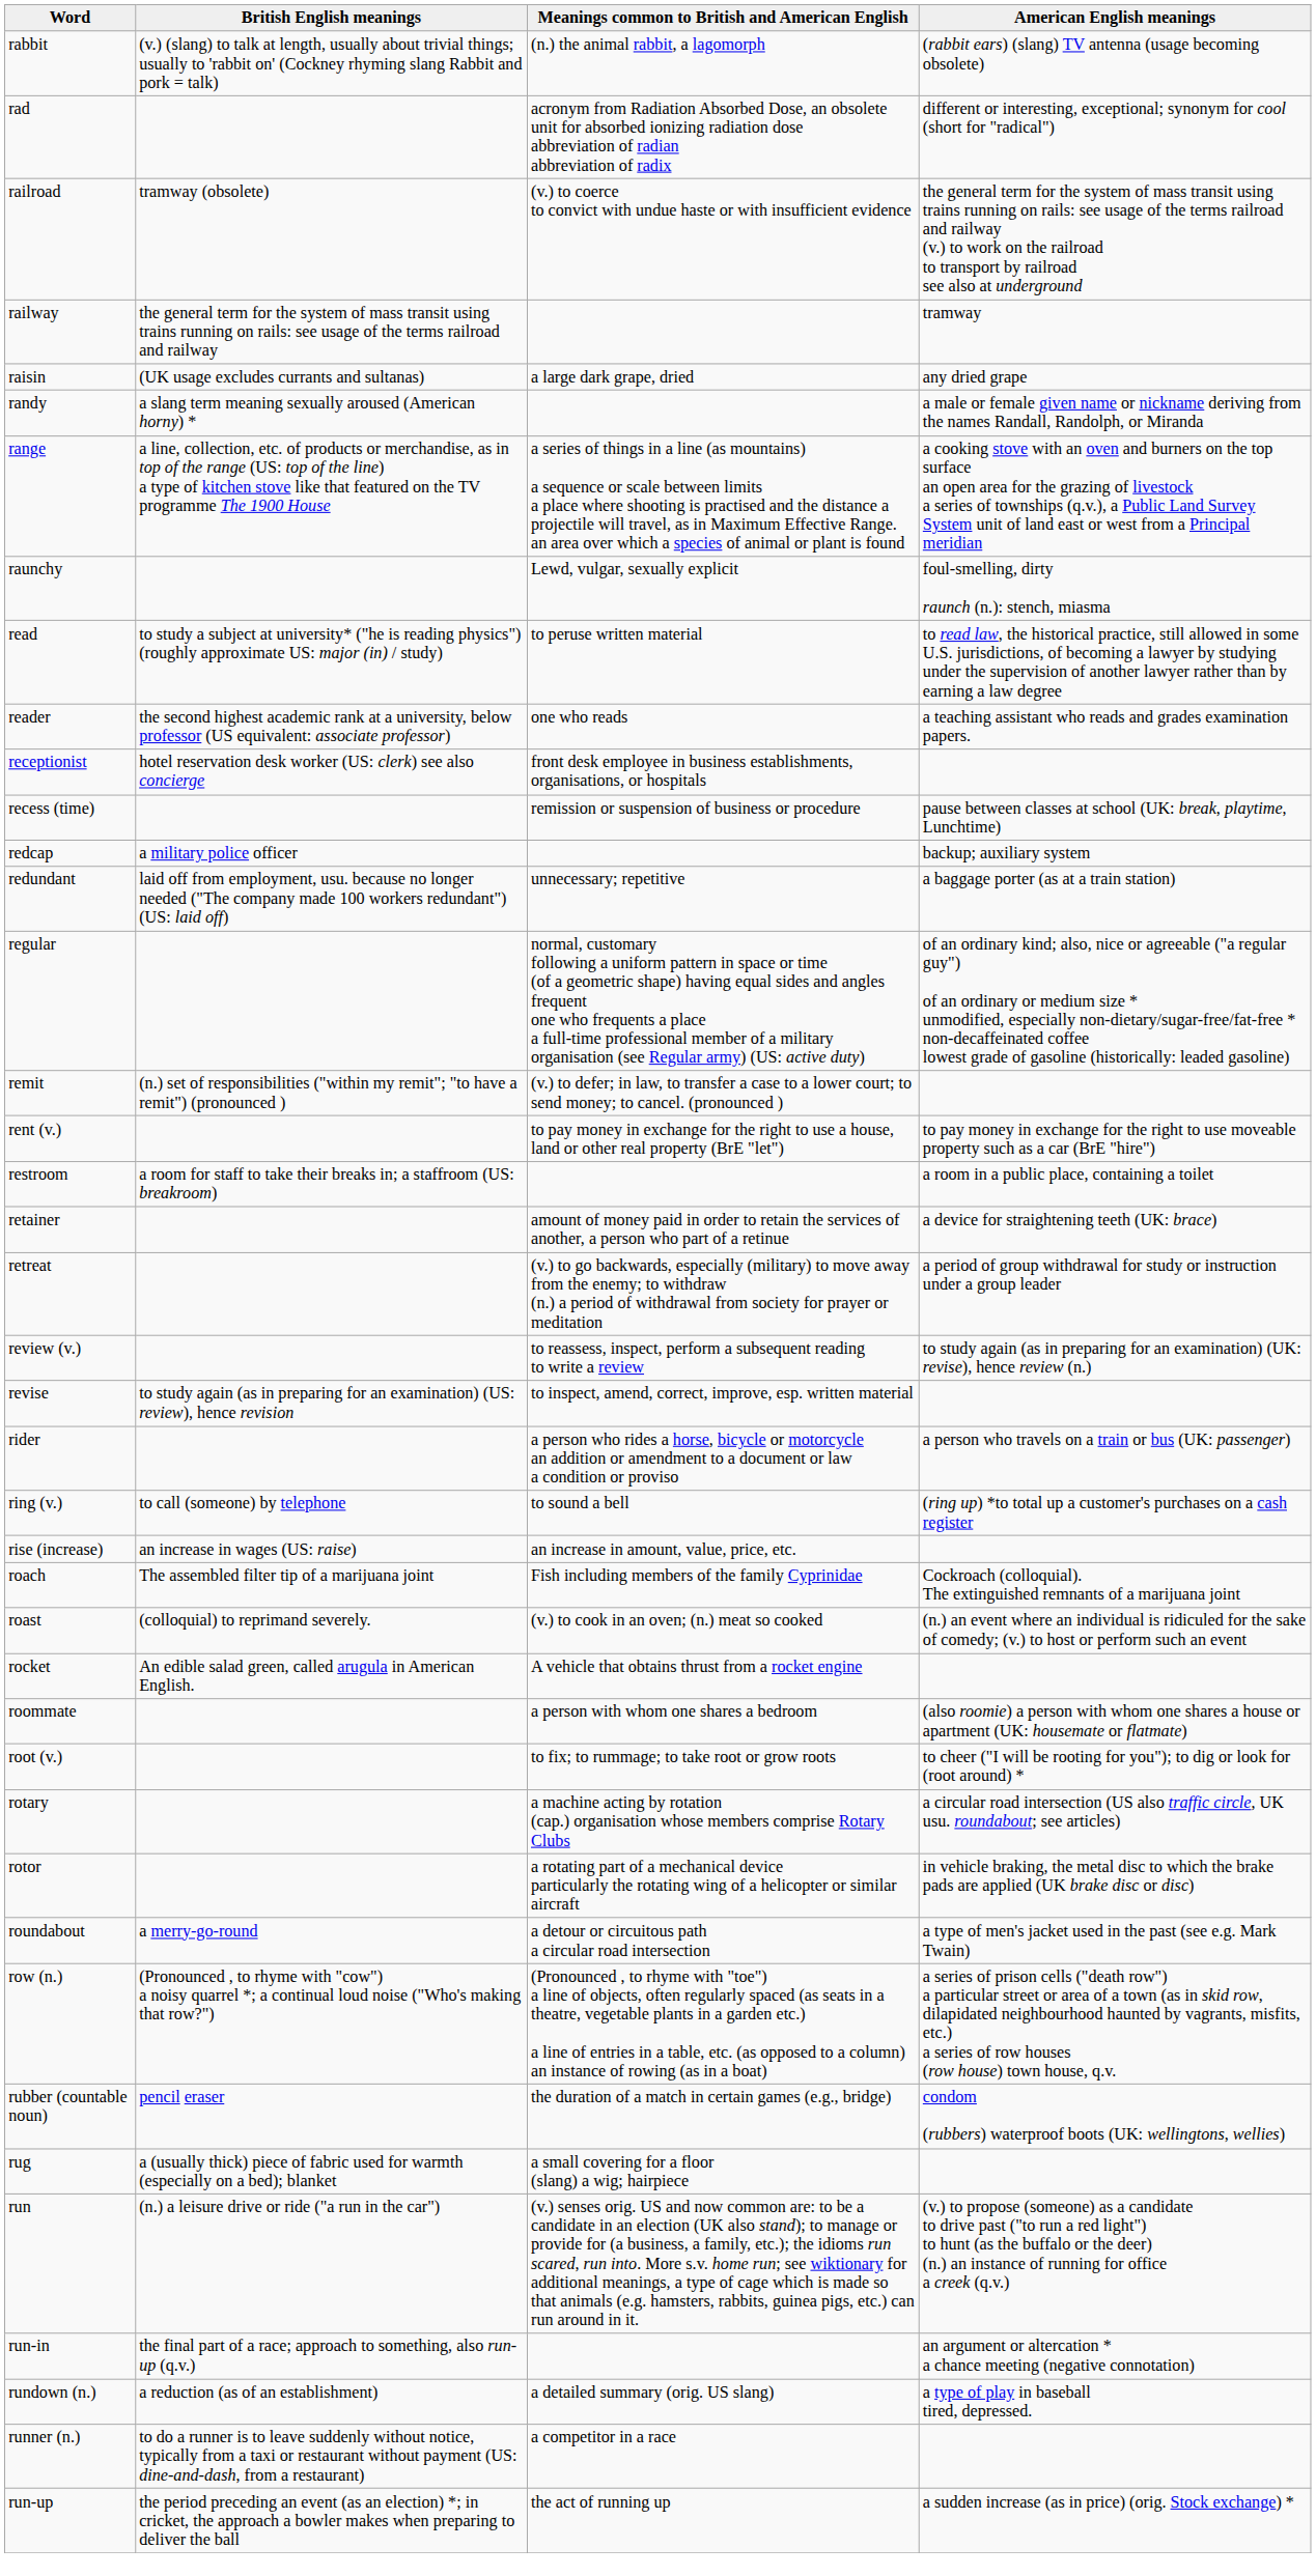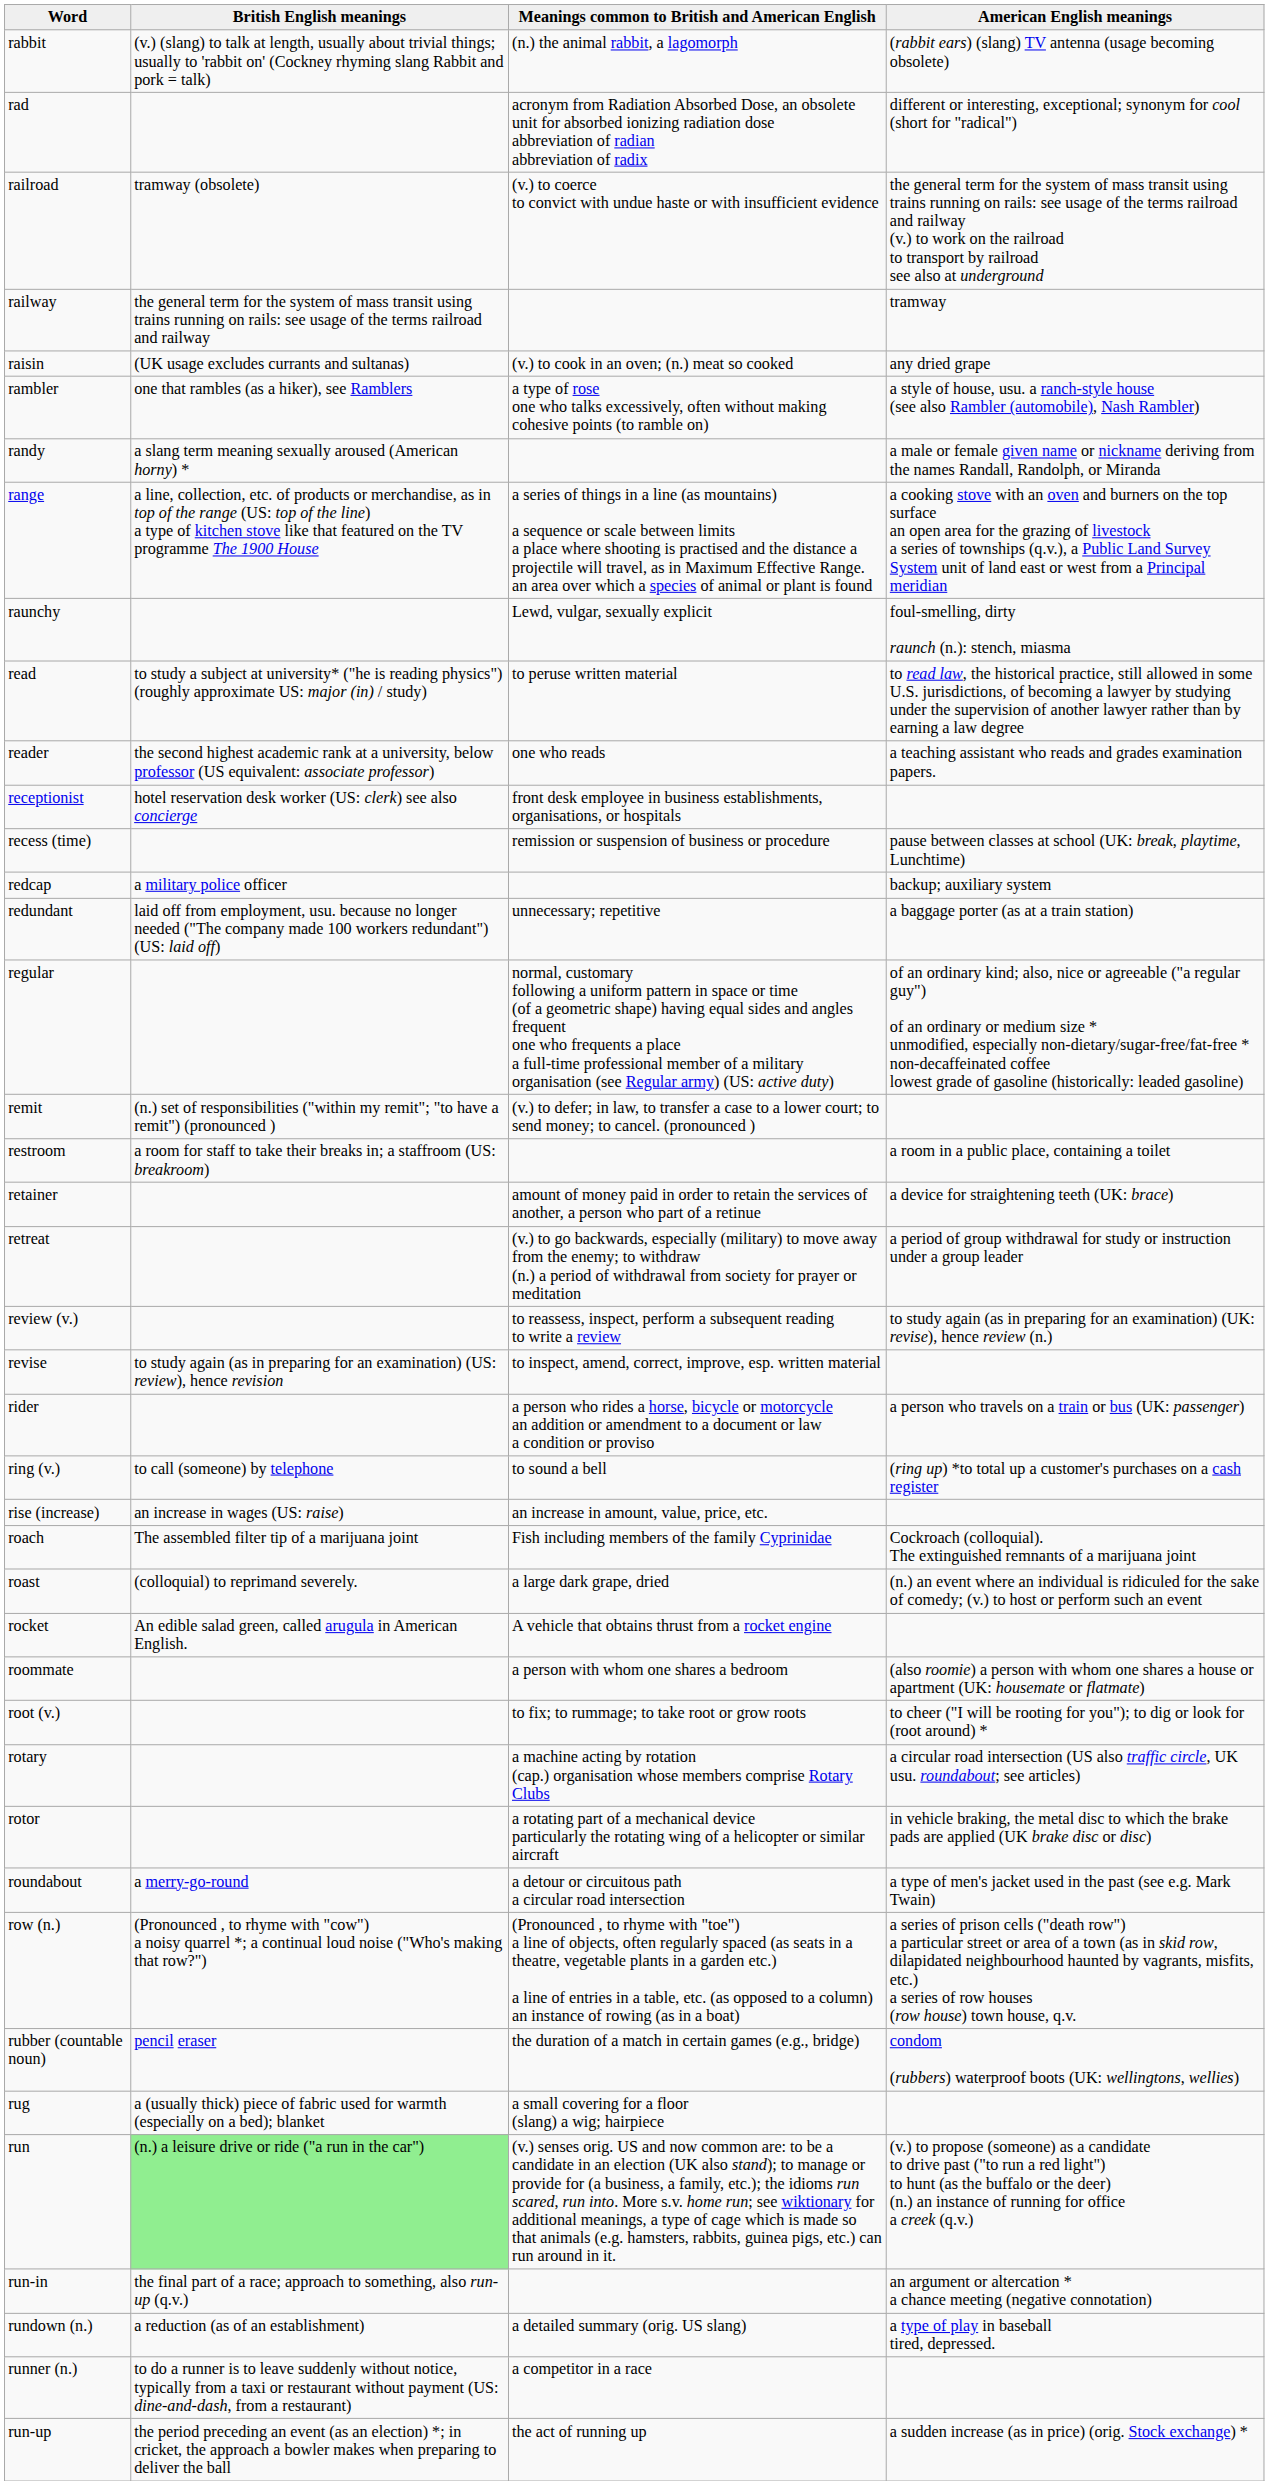 <table class="wikitable">
 <tr>
 <th style="width:10%; background:#efefef;">Word</th>
 <th style="width:30%; background:#efefef;">British English meanings</th>
 <th style="width:30%; background:#efefef;">Meanings common to British and American English</th>
 <th style="width:30%; background:#efefef;">American English meanings</th>
 </tr>
 <tr valign="top">
 <td>rabbit</td>
 <td>(v.) (slang) to talk at length, usually about trivial things; usually to 'rabbit on' (Cockney rhyming slang Rabbit and pork = talk)</td>
 <td>(n.) the animal <a href='#'>rabbit</a>, a <a href='#'>lagomorph</a></td>
 <td>(<em>rabbit ears</em>) (slang) <a href='#'>TV</a> antenna (usage becoming obsolete)</td>
 </tr>
 <tr valign="top">
 <td>rad</td>
 <td></td>
 <td>acronym from Radiation Absorbed Dose, an obsolete unit for absorbed ionizing radiation dose<br>abbreviation of <a href='#'>radian</a><br>abbreviation of <a href='#'>radix</a></td>
 <td>different or interesting, exceptional; synonym for <em>cool</em> (short for "radical")</td>
 </tr>
 <tr valign="top">
 <td>railroad</td>
 <td>tramway (obsolete)</td>
 <td>(v.) to coerce<br>to convict with undue haste or with insufficient evidence</td>
 <td>the general term for the system of mass transit using trains running on rails: see usage of the terms railroad and railway<br>(v.) to work on the railroad<br>to transport by railroad<br>see also at <em>underground</em></td>
 </tr>
 <tr valign="top">
 <td>railway</td>
 <td>the general term for the system of mass transit using trains running on rails: see usage of the terms railroad and railway</td>
 <td> </td>
 <td>tramway</td>
 </tr>
 <tr valign="top">
 <td>raisin</td>
 <td>(UK usage excludes currants and sultanas)</td>
-<td>a large dark grape, dried</td>
+<td>(v.) to cook in an oven; (n.) meat so cooked</td>
 <td>any dried grape</td>
+</tr>
+<tr valign="top">
+<td>rambler</td>
+<td>one that rambles (as a hiker), see <a href='#'>Ramblers</a></td>
+<td>a type of <a href='#'>rose</a><br>one who talks excessively, often without making cohesive points (to ramble on)</td>
+<td>a style of house, usu. a <a href='#'>ranch-style house</a><br>(see also <a href='#'>Rambler (automobile)</a>, <a href='#'>Nash Rambler</a>)</td>
 </tr>
 <tr valign="top">
 <td>randy</td>
 <td>a slang term meaning sexually aroused (American <em>horny</em>) *</td>
 <td> </td>
 <td>a male or female <a href='#'>given name</a> or <a href='#'>nickname</a> deriving from the names Randall, Randolph, or Miranda</td>
 </tr>
 <tr valign="top">
 <td><a href='#'>range</a></td>
 <td>a line, collection, etc. of products or merchandise, as in <em>top of the range</em> (US: <em>top of the line</em>)<br>a type of <a href='#'>kitchen stove</a> like that featured on the TV programme <em><a href='#'>The 1900 House</a></em></td>
 <td>a series of things in a line (as mountains)<br><br>a sequence or scale between limits<br>a place where shooting is practised and the distance a projectile will travel, as in Maximum Effective Range. <br>an area over which a <a href='#'>species</a> of animal or plant is found</td>
 <td>a cooking <a href='#'>stove</a> with an <a href='#'>oven</a> and burners on the top surface<br>an open area for the grazing of <a href='#'>livestock</a><br>a series of townships (q.v.), a <a href='#'>Public Land Survey System</a> unit of land east or west from a <a href='#'>Principal meridian</a></td>
 </tr>
 <tr valign="top">
 <td>raunchy</td>
 <td> </td>
 <td>Lewd, vulgar, sexually explicit</td>
 <td>foul-smelling, dirty<br><br><em>raunch</em> (n.): stench, miasma</td>
 </tr>
 <tr valign="top">
 <td>read</td>
 <td>to study a subject at university* ("he is reading physics") (roughly approximate US: <em>major (in)</em> / study)</td>
 <td>to peruse written material</td>
 <td>to <em><a href='#'>read law</a></em>, the historical practice, still allowed in some U.S. jurisdictions, of becoming a lawyer by studying under the supervision of another lawyer rather than by earning a law degree</td>
 </tr>
 <tr valign="top">
 <td>reader</td>
 <td>the second highest academic rank at a university, below <a href='#'>professor</a> (US equivalent: <em>associate professor</em>)</td>
 <td>one who reads</td>
 <td>a teaching assistant who reads and grades examination papers.</td>
 </tr>
 <tr valign="top">
 <td><a href='#'>receptionist</a></td>
 <td>hotel reservation desk worker (US: <em>clerk</em>) see also <em><a href='#'>concierge</a></em></td>
 <td>front desk employee in business establishments, organisations, or hospitals</td>
 <td> </td>
 </tr>
 <tr valign="top">
 <td>recess (time)</td>
 <td> </td>
 <td>remission or suspension of business or procedure</td>
 <td>pause between classes at school (UK: <em>break</em>, <em>playtime</em>, Lunchtime)</td>
 </tr>
 <tr valign="top">
 <td>redcap</td>
 <td>a <a href='#'>military police</a> officer</td>
 <td> </td>
 <td>backup; auxiliary system</td>
 </tr>
 <tr valign="top">
 <td>redundant</td>
 <td>laid off from employment, usu. because no longer needed ("The company made 100 workers redundant") (US: <em>laid off</em>)</td>
 <td>unnecessary; repetitive</td>
 <td>a baggage porter (as at a train station)</td>
 </tr>
 <tr valign="top">
 <td>regular</td>
 <td> </td>
 <td>normal, customary<br>following a uniform pattern in space or time<br>(of a geometric shape) having equal sides and angles<br>frequent<br>one who frequents a place<br>a full-time professional member of a military organisation (see <a href='#'>Regular army</a>) (US: <em>active duty</em>)</td>
 <td>of an ordinary kind; also, nice or agreeable ("a regular guy")<br><br>of an ordinary or medium size *<br>unmodified, especially non-dietary/sugar-free/fat-free *<br>non-decaffeinated coffee<br>lowest grade of gasoline (historically: leaded gasoline)</td>
 </tr>
 <tr valign="top">
 <td>remit</td>
 <td>(n.) set of responsibilities ("within my remit"; "to have a remit") (pronounced )</td>
 <td>(v.) to defer; in law, to transfer a case to a lower court; to send money; to cancel. (pronounced )</td>
 <td> </td>
 </tr>
 <tr valign="top">
-<td>rent (v.)</td>
-<td> </td>
-<td>to pay money in exchange for the right to use a house, land or other real property (BrE "let")</td>
-<td>to pay money in exchange for the right to use moveable property such as a car (BrE "hire")</td>
-</tr>
-<tr valign="top">
 <td>restroom</td>
 <td>a room for staff to take their breaks in; a staffroom (US: <em>breakroom</em>)</td>
 <td> </td>
 <td>a room in a public place, containing a toilet</td>
 </tr>
 <tr valign="top">
 <td>retainer</td>
 <td> </td>
 <td>amount of money paid in order to retain the services of another, a person who part of a retinue</td>
 <td>a device for straightening teeth (UK: <em>brace</em>)</td>
 </tr>
 <tr valign="top">
 <td>retreat</td>
 <td> </td>
 <td>(v.) to go backwards, especially (military) to move away from the enemy; to withdraw<br>(n.) a period of withdrawal from society for prayer or meditation</td>
 <td>a period of group withdrawal for study or instruction under a group leader</td>
 </tr>
 <tr valign="top">
 <td>review (v.)</td>
 <td> </td>
 <td>to reassess, inspect, perform a subsequent reading<br>to write a <a href='#'>review</a></td>
 <td>to study again (as in preparing for an examination) (UK: <em>revise</em>), hence <em>review</em> (n.)</td>
 </tr>
 <tr valign="top">
 <td>revise</td>
 <td>to study again (as in preparing for an examination) (US: <em>review</em>), hence <em>revision</em></td>
 <td>to inspect, amend, correct, improve, esp. written material</td>
 <td> </td>
 </tr>
 <tr valign="top">
 <td>rider</td>
 <td> </td>
 <td>a person who rides a <a href='#'>horse</a>, <a href='#'>bicycle</a> or <a href='#'>motorcycle</a><br>an addition or amendment to a document or law<br>a condition or proviso</td>
 <td>a person who travels on a <a href='#'>train</a> or <a href='#'>bus</a> (UK: <em>passenger</em>)</td>
 </tr>
 <tr valign="top">
 <td>ring (v.)</td>
 <td>to call (someone) by <a href='#'>telephone</a></td>
 <td>to sound a bell</td>
 <td>(<em>ring up</em>) *to total up a customer's purchases on a <a href='#'>cash register</a></td>
 </tr>
 <tr valign="top">
 <td>rise (increase)</td>
 <td>an increase in wages (US: <em>raise</em>)</td>
 <td>an increase in amount, value, price, etc.</td>
 <td> </td>
 </tr>
 <tr valign="top">
 <td>roach</td>
 <td>The assembled filter tip of a marijuana joint</td>
 <td>Fish including members of the family <a href='#'>Cyprinidae</a></td>
 <td>Cockroach (colloquial).<br>The extinguished remnants of a marijuana joint</td>
 </tr>
 <tr valign="top">
 <td>roast</td>
 <td>(colloquial) to reprimand severely.</td>
-<td>(v.) to cook in an oven; (n.) meat so cooked</td>
+<td>a large dark grape, dried</td>
 <td>(n.) an event where an individual is ridiculed for the sake of comedy; (v.) to host or perform such an event</td>
 </tr>
 <tr valign="top">
 <td>rocket</td>
 <td>An edible salad green, called <a href='#'>arugula</a> in American English.</td>
 <td>A vehicle that obtains thrust from a <a href='#'>rocket engine</a></td>
 <td></td>
 </tr>
 <tr valign="top">
 <td>roommate</td>
 <td> </td>
 <td>a person with whom one shares a bedroom</td>
 <td>(also <em>roomie</em>) a person with whom one shares a house or apartment (UK: <em>housemate</em> or <em>flatmate</em>)</td>
 </tr>
 <tr valign="top">
 <td>root (v.)</td>
 <td></td>
 <td>to fix; to rummage; to take root or grow roots</td>
 <td>to cheer ("I will be rooting for you"); to dig or look for (root around) *</td>
 </tr>
 <tr valign="top">
 <td>rotary</td>
 <td> </td>
 <td>a machine acting by rotation<br>(cap.) organisation whose members comprise <a href='#'>Rotary Clubs</a></td>
 <td>a circular road intersection (US also <em><a href='#'>traffic circle</a></em>, UK usu. <em><a href='#'>roundabout</a></em>; see articles)</td>
 </tr>
 <tr valign="top">
 <td>rotor</td>
 <td></td>
 <td>a rotating part of a mechanical device<br>particularly the rotating wing of a helicopter or similar aircraft</td>
 <td>in vehicle braking, the metal disc to which the brake pads are applied (UK <em>brake disc</em> or <em>disc</em>)</td>
 </tr>
 <tr valign="top">
 <td>roundabout</td>
 <td>a <a href='#'>merry-go-round</a></td>
 <td>a detour or circuitous path<br>a circular road intersection</td>
 <td>a type of men's jacket used in the past (see e.g. Mark Twain)</td>
 </tr>
 <tr valign="top">
 <td>row (n.)</td>
 <td>(Pronounced , to rhyme with "cow")<br>a noisy quarrel *; a continual loud noise ("Who's making that row?")</td>
 <td>(Pronounced , to rhyme with "toe")<br>a line of objects, often regularly spaced (as seats in a theatre, vegetable plants in a garden etc.)<br><br>a line of entries in a table, etc. (as opposed to a column)<br>an instance of rowing (as in a boat)</td>
 <td>a series of prison cells ("death row")<br>a particular street or area of a town (as in <em>skid row</em>, dilapidated neighbourhood haunted by vagrants, misfits, etc.)<br>a series of row houses<br>(<em>row house</em>) town house, q.v.</td>
 </tr>
 <tr valign="top">
 <td>rubber (countable noun)</td>
 <td><a href='#'>pencil</a> <a href='#'>eraser</a></td>
 <td>the duration of a match in certain games (e.g., bridge)</td>
 <td><a href='#'>condom</a><br><br>(<em>rubbers</em>) waterproof boots (UK: <em>wellingtons</em>, <em>wellies</em>)</td>
 </tr>
 <tr valign="top">
 <td>rug</td>
 <td>a (usually thick) piece of fabric used for warmth (especially on a bed); blanket</td>
 <td>a small covering for a floor<br>(slang) a wig; hairpiece</td>
 <td> </td>
 </tr>
 <tr valign="top">
 <td>run</td>
-<td>(n.) a leisure drive or ride ("a run in the car")</td>
+<td style="background: lightgreen;">(n.) a leisure drive or ride ("a run in the car")</td>
 <td>(v.) senses orig. US and now common are: to be a candidate in an election (UK also <em>stand</em>); to manage or provide for (a business, a family, etc.); the idioms <em>run scared</em>, <em>run into</em>. More s.v. <em>home run</em>; see <a href='#'>wiktionary</a> for additional meanings, a type of cage which is made so that animals (e.g. hamsters, rabbits, guinea pigs, etc.) can run around in it.</td>
 <td>(v.) to propose (someone) as a candidate<br>to drive past ("to run a red light")<br>to hunt (as the buffalo or the deer)<br>(n.) an instance of running for office<br>a <em>creek</em> (q.v.)</td>
 </tr>
 <tr valign="top">
 <td>run-in</td>
 <td>the final part of a race; approach to something, also <em>run-up</em> (q.v.)</td>
 <td> </td>
 <td>an argument or altercation *<br>a chance meeting (negative connotation)</td>
 </tr>
 <tr valign="top">
 <td>rundown (n.)</td>
 <td>a reduction (as of an establishment)</td>
 <td>a detailed summary (orig. US slang)</td>
 <td>a <a href='#'>type of play</a> in baseball<br>tired, depressed.</td>
 </tr>
 <tr valign="top">
 <td>runner (n.)</td>
 <td>to do a runner is to leave suddenly without notice, typically from a taxi or restaurant without payment (US: <em>dine-and-dash</em>, from a restaurant)</td>
 <td>a competitor in a race</td>
 <td></td>
 </tr>
 <tr valign="top">
 <td>run-up</td>
 <td>the period preceding an event (as an election) *; in cricket, the approach a bowler makes when preparing to deliver the ball</td>
 <td>the act of running up</td>
 <td>a sudden increase (as in price) (orig. <a href='#'>Stock exchange</a>) *</td>
 </tr>
 </table>
